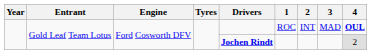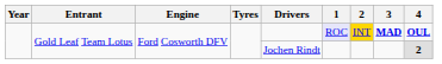 <table class="wikitable" style="text-align:center; font-size:95%">
 <tr>
 <th>Year</th>
 <th>Entrant</th>
 <th>Engine</th>
 <th>Tyres</th>
 <th>Drivers</th>
 <th>1</th>
 <th>2</th>
 <th>3</th>
 <th>4</th>
 </tr>
 <tr>
 <td rowspan="2"></td>
 <td rowspan="2"><a href='#'>Gold Leaf</a> <a href='#'>Team Lotus</a></td>
 <td rowspan="2"><a href='#'>Ford</a> <a href='#'>Cosworth DFV</a></td>
 <td rowspan="2"></td>
 <td></td>
-<td><a href='#'>ROC</a></td>
-<td><a href='#'>INT</a></td>
-<td><a href='#'>MAD</a></td>
+<td style="background: lavender;"><a href='#'>ROC</a></td>
+<td style="background: gold;"><a href='#'>INT</a></td>
+<td><strong><a href='#'>MAD</a></strong></td>
 <td><strong><a href='#'>OUL</a></strong></td>
 </tr>
 <tr>
-<td><strong><a href='#'>Jochen Rindt</a></strong></td>
+<td><a href='#'>Jochen Rindt</a></td>
 <td></td>
 <td></td>
 <td></td>
-<td style="background:#DFDFDF;">2</td>
+<td style="background:#DFDFDF;"><strong>2</strong></td>
 </tr>
 </table>
